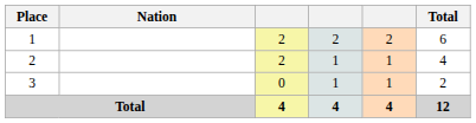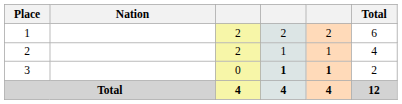 <table class=wikitable style="border:1px solid #AAAAAA;font-size:90%">
 <tr bgcolor="#EFEFEF">
 <th width=50>Place</th>
 <th width=200>Nation</th>
 <th width=50></th>
 <th width=50></th>
 <th width=50></th>
 <th width=50>Total</th>
 </tr>
 <tr align="center" valign="top" bgcolor="#FFFFFF">
 <td>1</td>
 <td align="left"></td>
 <td style="background:#F7F6A8;">2</td>
 <td style="background:#DCE5E5;">2</td>
 <td style="background:#FFDAB9;">2</td>
 <td>6</td>
 </tr>
 <tr align="center" valign="top" bgcolor="#FFFFFF">
 <td>2</td>
 <td align="left"></td>
 <td style="background:#F7F6A8;">2</td>
 <td style="background:#DCE5E5;">1</td>
 <td style="background:#FFDAB9;">1</td>
 <td>4</td>
 </tr>
 <tr align="center" valign="top" bgcolor="#FFFFFF">
 <td>3</td>
 <td align="left"></td>
 <td style="background:#F7F6A8;">0</td>
-<td style="background:#DCE5E5;">1</td>
-<td style="background:#FFDAB9;">1</td>
+<td style="background:#DCE5E5;"><strong>1</strong></td>
+<td style="background:#FFDAB9;"><strong>1</strong></td>
 <td>2</td>
 </tr>
 <tr align="center">
 <td colspan="2" bgcolor=D3D3D3><strong>Total</strong></td>
 <td style="background:#F7F6A8;"><strong>4</strong></td>
 <td style="background:#DCE5E5;"><strong>4</strong></td>
 <td style="background:#FFDAB9;"><strong>4</strong></td>
 <td bgcolor=D3D3D3><strong>12</strong></td>
 </tr>
 </table>
